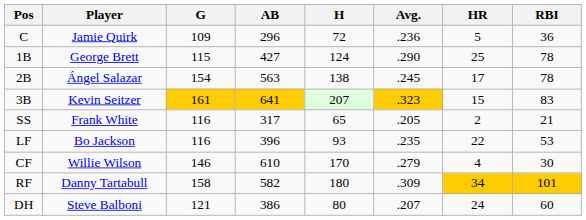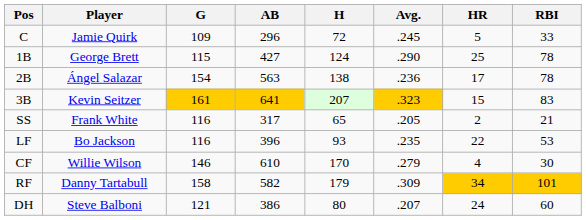 <table class="wikitable sortable">
 <tr>
 <th bgcolor="#DDDDFF" width="5%">Pos</th>
 <th bgcolor="#DDDDFF" width="16%">Player</th>
 <th bgcolor="#DDDDFF" width="9%">G</th>
 <th bgcolor="#DDDDFF" width="9%">AB</th>
 <th bgcolor="#DDDDFF" width="9%">H</th>
 <th bgcolor="#DDDDFF" width="9%">Avg.</th>
 <th bgcolor="#DDDDFF" width="9%">HR</th>
 <th bgcolor="#DDDDFF" width="9%">RBI</th>
 </tr>
 <tr align="center">
 <td>C</td>
 <td><a href='#'>Jamie Quirk</a></td>
 <td>109</td>
 <td>296</td>
 <td>72</td>
-<td>.236</td>
+<td>.245</td>
 <td>5</td>
-<td>36</td>
+<td>33</td>
 </tr>
 <tr align="center">
 <td>1B</td>
 <td><a href='#'>George Brett</a></td>
 <td>115</td>
 <td>427</td>
 <td>124</td>
 <td>.290</td>
 <td>25</td>
 <td>78</td>
 </tr>
 <tr align="center">
 <td>2B</td>
 <td><a href='#'>Ángel Salazar</a></td>
 <td>154</td>
 <td>563</td>
 <td>138</td>
-<td>.245</td>
+<td>.236</td>
 <td>17</td>
 <td>78</td>
 </tr>
 <tr align="center">
 <td>3B</td>
 <td><a href='#'>Kevin Seitzer</a></td>
 <td style="background:#fc0;">161</td>
 <td style="background:#fc0;">641</td>
 <td style="background:#DDFFDD;">207</td>
 <td style="background:#fc0;">.323</td>
 <td>15</td>
 <td>83</td>
 </tr>
 <tr align="center">
 <td>SS</td>
 <td><a href='#'>Frank White</a></td>
 <td>116</td>
 <td>317</td>
 <td>65</td>
 <td>.205</td>
 <td>2</td>
 <td>21</td>
 </tr>
 <tr align="center">
 <td>LF</td>
 <td><a href='#'>Bo Jackson</a></td>
 <td>116</td>
 <td>396</td>
 <td>93</td>
 <td>.235</td>
 <td>22</td>
 <td>53</td>
 </tr>
 <tr align="center">
 <td>CF</td>
 <td><a href='#'>Willie Wilson</a></td>
 <td>146</td>
 <td>610</td>
 <td>170</td>
 <td>.279</td>
 <td>4</td>
 <td>30</td>
 </tr>
 <tr align="center">
 <td>RF</td>
 <td><a href='#'>Danny Tartabull</a></td>
 <td>158</td>
 <td>582</td>
-<td>180</td>
+<td>179</td>
 <td>.309</td>
 <td style="background:#fc0;">34</td>
 <td style="background:#fc0;">101</td>
 </tr>
 <tr align="center">
 <td>DH</td>
 <td><a href='#'>Steve Balboni</a></td>
 <td>121</td>
 <td>386</td>
 <td>80</td>
 <td>.207</td>
 <td>24</td>
 <td>60</td>
 </tr>
 </table>
